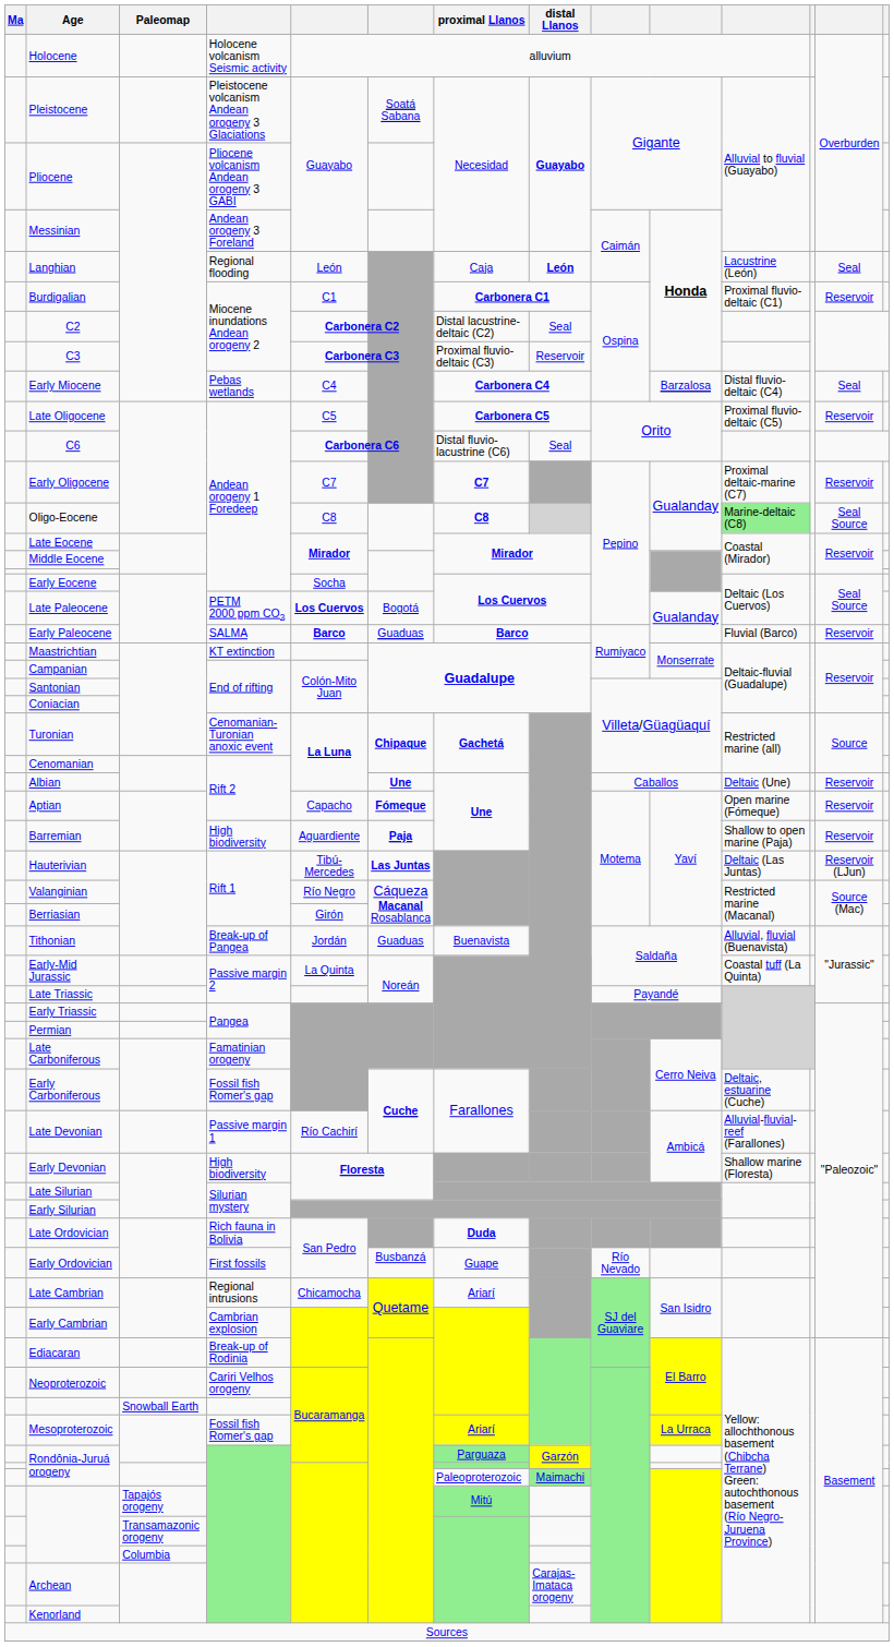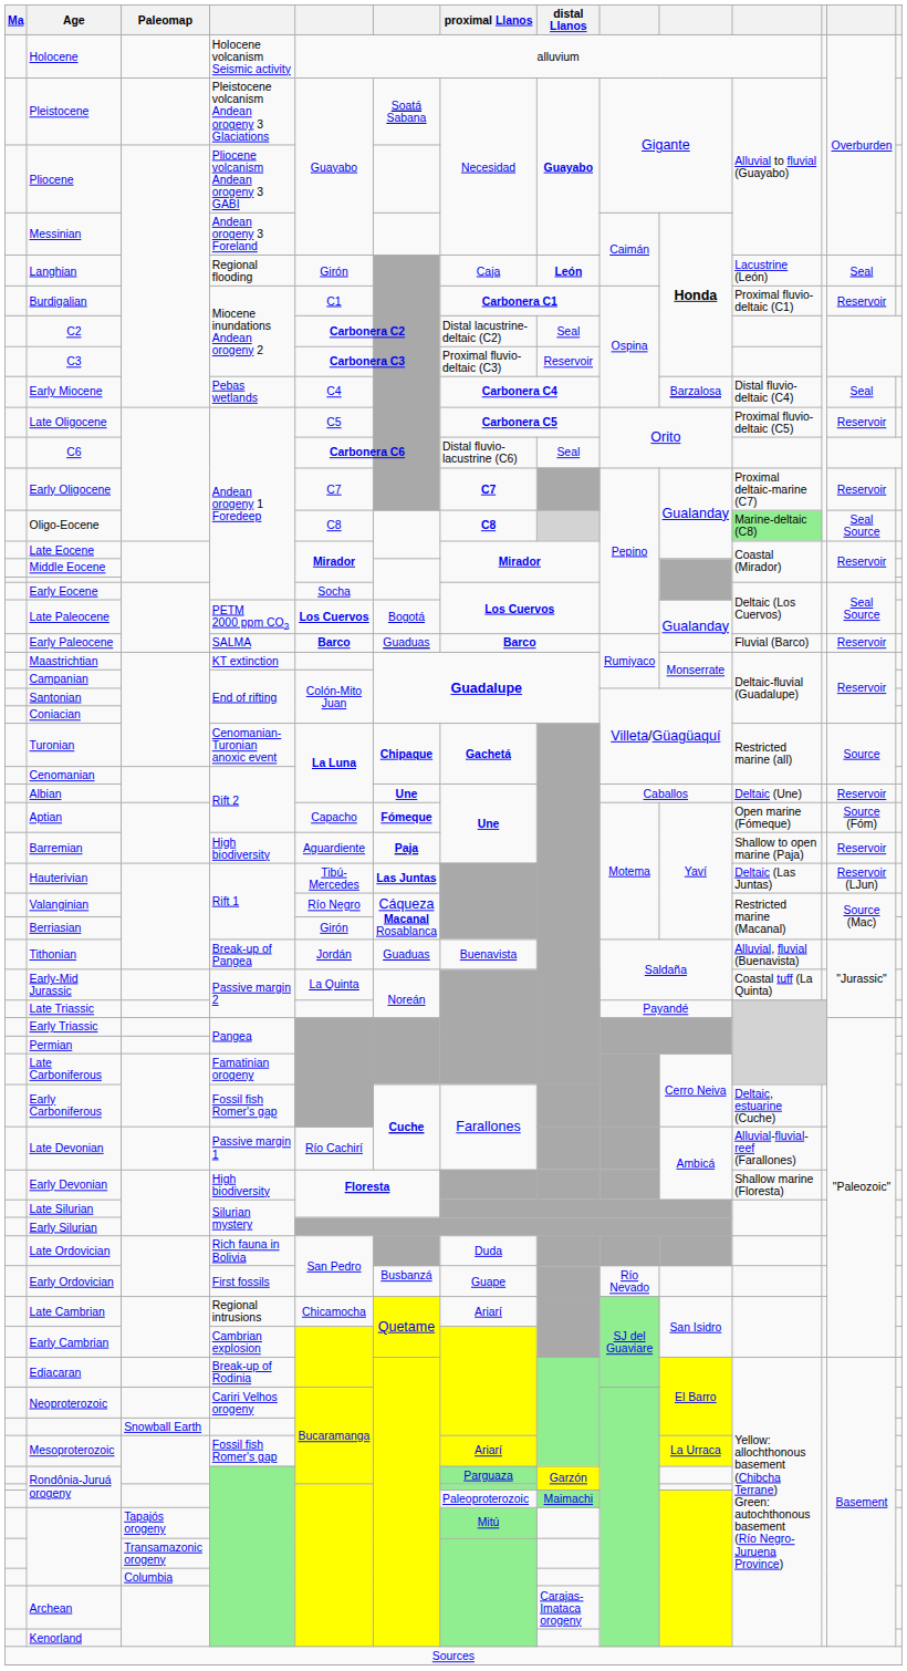 <table class="wikitable mw-collapsible width=100%" style="font-size: 70%">
 <tr>
 <th><a href='#'>Ma</a></th>
 <th>Age</th>
 <th>Paleomap</th>
 <th></th>
 <th></th>
 <th></th>
 <th>proximal <a href='#'>Llanos</a></th>
 <th>distal <a href='#'>Llanos</a></th>
 <th></th>
 <th></th>
 <th></th>
 <th></th>
 <th></th>
 <th class=unsortable></th>
 </tr>
 <tr>
 <td align=center valign=bottom><strong></strong></td>
 <td style="background-color: "><a href='#'>Holocene</a></td>
 <td align=center></td>
 <td>Holocene volcanism<br><a href='#'>Seismic activity</a></td>
 <td colspan=7 align=center>alluvium</td>
 <td></td>
 <td rowspan=4 align=center><a href='#'>Overburden</a></td>
 <td align=center></td>
 </tr>
 <tr>
 <td align=center valign=top><strong></strong></td>
 <td style="background-color: "><a href='#'>Pleistocene</a></td>
 <td align=center></td>
 <td>Pleistocene volcanism<br><a href='#'>Andean orogeny</a> 3<br><a href='#'>Glaciations</a></td>
 <td rowspan=3 align=center><a href='#'>Guayabo</a></td>
 <td align=center><u><a href='#'>Soatá</a></u><br><u><a href='#'>Sabana</a></u></td>
 <td rowspan=3 align=center><a href='#'>Necesidad</a></td>
 <td rowspan=3 align=center><strong><a href='#'>Guayabo</a></strong></td>
 <td rowspan=2 colspan=2 align=center><big><a href='#'>Gigante</a></big><br></td>
 <td rowspan=3><a href='#'>Alluvial</a> to <a href='#'>fluvial</a> (Guayabo)</td>
 <td rowspan=3></td>
 <td align=center></td>
 </tr>
 <tr>
 <td align=center valign=top><strong></strong></td>
 <td style="background-color: "><a href='#'>Pliocene</a></td>
 <td align=center valign=bottom rowspan=7></td>
 <td><a href='#'>Pliocene volcanism</a><br><a href='#'>Andean orogeny</a> 3<br><a href='#'>GABI</a></td>
 <td align=center></td>
 <td align=center></td>
 </tr>
 <tr>
 <td align=center valign=top><strong></strong></td>
 <td style="background-color: "><a href='#'>Messinian</a></td>
 <td><a href='#'>Andean orogeny</a> 3<br><a href='#'>Foreland</a></td>
 <td align=center></td>
 <td align=center rowspan=2><a href='#'>Caimán</a></td>
 <td rowspan=5 align=center><big><u><strong>Honda</strong></u></big></td>
 <td align=center></td>
 </tr>
 <tr>
 <td align=center valign=top><strong></strong></td>
 <td style="background-color: "><a href='#'>Langhian</a></td>
 <td>Regional flooding</td>
-<td align=center><a href='#'>León</a></td>
+<td align=center><a href='#'>Girón</a></td>
 <td align=center rowspan=8 bgcolor=darkgrey><strong></strong></td>
 <td align=center><a href='#'>Caja</a></td>
 <td align=center><strong><a href='#'>León</a></strong></td>
 <td><a href='#'>Lacustrine</a> (León)</td>
 <td></td>
 <td align=center><a href='#'>Seal</a></td>
 <td align=center></td>
 </tr>
 <tr>
 <td align=center valign=top><strong></strong></td>
 <td style="background-color: "><a href='#'>Burdigalian</a></td>
 <td rowspan=3>Miocene inundations<br><a href='#'>Andean orogeny</a> 2</td>
 <td align=center><a href='#'>C1</a></td>
 <td colspan=2 align=center><strong><a href='#'>Carbonera C1</a></strong></td>
 <td align=center rowspan=4><a href='#'>Ospina</a></td>
 <td>Proximal fluvio-deltaic (C1)</td>
 <td rowspan=8></td>
 <td align=center><a href='#'>Reservoir</a></td>
 <td align=center></td>
 </tr>
 <tr>
 <td align=center valign=top><strong></strong></td>
 <td align=center><a href='#'>C2</a></td>
 <td colspan=2 align=center><strong><a href='#'>Carbonera C2</a></strong></td>
 <td>Distal lacustrine-deltaic (C2)</td>
 <td align=center><a href='#'>Seal</a></td>
 <td align=center></td>
 </tr>
 <tr>
 <td align=center valign=top><strong></strong></td>
 <td align=center><a href='#'>C3</a></td>
 <td colspan=2 align=center><strong><a href='#'>Carbonera C3</a></strong></td>
 <td>Proximal fluvio-deltaic (C3)</td>
 <td align=center><a href='#'>Reservoir</a></td>
 <td align=center></td>
 </tr>
 <tr>
 <td align=center valign=top><strong></strong></td>
 <td style="background-color: "><a href='#'>Early Miocene</a></td>
 <td><a href='#'>Pebas wetlands</a></td>
 <td align=center><a href='#'>C4</a></td>
 <td colspan=2 align=center><strong><a href='#'>Carbonera C4</a></strong></td>
 <td align=center><u><a href='#'>Barzalosa</a></u></td>
 <td>Distal fluvio-deltaic (C4)</td>
 <td align=center><a href='#'>Seal</a></td>
 <td align=center></td>
 </tr>
 <tr>
 <td align=center valign=top><strong></strong></td>
 <td style="background-color: "><a href='#'>Late Oligocene</a></td>
 <td align=center valign=bottom rowspan=4></td>
 <td rowspan=8><a href='#'>Andean orogeny</a> 1<br><a href='#'>Foredeep</a></td>
 <td align=center><a href='#'>C5</a></td>
 <td colspan=2 align=center><strong><a href='#'>Carbonera C5</a></strong></td>
 <td colspan=2 rowspan=2 align=center><big><a href='#'>Orito</a></big></td>
 <td>Proximal fluvio-deltaic (C5)</td>
 <td align=center><a href='#'>Reservoir</a></td>
 <td align=center></td>
 </tr>
 <tr>
 <td align=center valign=top><strong></strong></td>
 <td align=center><a href='#'>C6</a></td>
 <td colspan=2 align=center><strong><a href='#'>Carbonera C6</a></strong></td>
 <td>Distal fluvio-lacustrine (C6)</td>
 <td align=center><a href='#'>Seal</a></td>
 <td align=center></td>
 </tr>
 <tr>
 <td align=center valign=top><strong></strong></td>
 <td style="background-color: "><a href='#'>Early Oligocene</a></td>
 <td align=center><a href='#'>C7</a></td>
 <td align=center><strong><a href='#'>C7</a></strong></td>
 <td bgcolor=darkgrey align=center></td>
 <td align=center rowspan=7><a href='#'>Pepino</a></td>
 <td rowspan=3 align=center><big><a href='#'>Gualanday</a></big></td>
 <td>Proximal deltaic-marine (C7)</td>
 <td align=center><a href='#'>Reservoir</a></td>
 <td align=center></td>
 </tr>
 <tr>
 <td align=center valign=top><strong></strong></td>
 <td style="background-color: ">Oligo-Eocene</td>
 <td align=center><a href='#'>C8</a></td>
 <td align=center rowspan=2></td>
 <td align=center><strong><a href='#'>C8</a></strong></td>
 <td bgcolor=lightgrey align=center></td>
 <td style="background: lightgreen;">Marine-deltaic (C8)</td>
 <td align=center><a href='#'>Seal</a><br><a href='#'>Source</a></td>
 <td align=center></td>
 </tr>
 <tr>
 <td align=center valign=top><strong></strong></td>
 <td style="background-color: "><a href='#'>Late Eocene</a></td>
 <td align=center valign=bottom rowspan=3></td>
 <td align=center rowspan=3><strong><a href='#'>Mirador</a></strong></td>
 <td colspan=2 rowspan=3 align=center><strong><a href='#'>Mirador</a></strong></td>
 <td rowspan=3>Coastal (Mirador)</td>
 <td rowspan=3></td>
 <td rowspan=3 align=center><a href='#'>Reservoir</a></td>
 <td align=center></td>
 </tr>
 <tr>
 <td align=center valign=top><strong></strong></td>
 <td style="background-color: "><a href='#'>Middle Eocene</a></td>
 <td align=center rowspan=3></td>
 <td rowspan=3 bgcolor=darkgrey align=center><strong></strong></td>
 <td align=center></td>
 </tr>
 <tr>
 <td align=center valign=top><strong></strong></td>
 <td align=center></td>
 </tr>
 <tr>
 <td align=center valign=top><strong></strong></td>
 <td style="background-color: "><a href='#'>Early Eocene</a></td>
 <td align=center valign=bottom rowspan=3></td>
 <td align=center><a href='#'>Socha</a></td>
 <td colspan=2 rowspan=2 align=center><strong><a href='#'>Los Cuervos</a></strong></td>
 <td rowspan=2>Deltaic (Los Cuervos)</td>
 <td rowspan=2></td>
 <td rowspan=2 align=center><a href='#'>Seal</a><br><a href='#'>Source</a></td>
 <td align=center></td>
 </tr>
 <tr>
 <td align=center valign=top><strong></strong></td>
 <td style="background-color: "><a href='#'>Late Paleocene</a></td>
 <td><a href='#'>PETM</a><br><a href='#'>2000 ppm CO<sub>2</sub></a></td>
 <td align=center><u><strong><a href='#'>Los Cuervos</a></strong></u></td>
 <td align=center><u><a href='#'>Bogotá</a></u></td>
 <td rowspan=2 align=center><big><a href='#'>Gualanday</a></big></td>
 <td align=center></td>
 </tr>
 <tr>
 <td align=center valign=top><strong></strong></td>
 <td style="background-color: "><a href='#'>Early Paleocene</a></td>
 <td><a href='#'>SALMA</a></td>
 <td align=center><strong><a href='#'>Barco</a></strong></td>
 <td align=center><u><a href='#'>Guaduas</a></u></td>
 <td colspan=2 align=center><strong><a href='#'>Barco</a></strong></td>
 <td align=center rowspan=3><a href='#'>Rumiyaco</a></td>
 <td>Fluvial (Barco)</td>
 <td></td>
 <td align=center><a href='#'>Reservoir</a></td>
 <td align=center></td>
 </tr>
 <tr>
 <td align=center valign=top><strong></strong></td>
 <td style="background-color: "><a href='#'>Maastrichtian</a></td>
 <td align=center valign=bottom rowspan=5></td>
 <td><a href='#'>KT extinction</a></td>
 <td align=center></td>
 <td colspan=3 rowspan=4 align=center><big><strong><a href='#'>Guadalupe</a></strong></big></td>
 <td rowspan=2 align=center><a href='#'>Monserrate</a></td>
 <td rowspan=4>Deltaic-fluvial (Guadalupe)</td>
 <td rowspan=4></td>
 <td rowspan=4 align=center><a href='#'>Reservoir</a></td>
 <td align=center></td>
 </tr>
 <tr>
 <td align=center valign=top><strong></strong></td>
 <td style="background-color: "><a href='#'>Campanian</a></td>
 <td rowspan=3><a href='#'>End of rifting</a></td>
 <td rowspan=3 align=center><a href='#'>Colón-Mito Juan</a></td>
 <td align=center></td>
 </tr>
 <tr>
 <td align=center valign=top><strong></strong></td>
 <td style="background-color: "><a href='#'>Santonian</a></td>
 <td colspan=2 rowspan=4 align=center><big><a href='#'>Villeta</a>/<a href='#'>Güagüaquí</a></big></td>
 <td align=center></td>
 </tr>
 <tr>
 <td align=center valign=top><strong></strong></td>
 <td style="background-color: "><a href='#'>Coniacian</a></td>
 <td align=center></td>
 </tr>
 <tr>
 <td align=center valign=top><strong></strong></td>
 <td style="background-color: "><a href='#'>Turonian</a></td>
 <td><a href='#'>Cenomanian-Turonian anoxic event</a></td>
 <td rowspan=3 align=center><strong><u><a href='#'>La Luna</a></u></strong></td>
 <td rowspan=2 align=center><strong><a href='#'>Chipaque</a></strong></td>
 <td rowspan=2 align=center><strong><a href='#'>Gachetá</a></strong></td>
 <td rowspan=14 bgcolor=darkgrey align=center><strong></strong></td>
 <td rowspan=2>Restricted marine (all)</td>
 <td rowspan=2></td>
 <td rowspan=2 align=center><a href='#'>Source</a></td>
 <td align=center></td>
 </tr>
 <tr>
 <td align=center valign=top><strong></strong></td>
 <td style="background-color: "><a href='#'>Cenomanian</a></td>
 <td align=center valign=bottom rowspan=2></td>
 <td rowspan=3><a href='#'>Rift 2</a></td>
 <td align=center></td>
 </tr>
 <tr>
 <td align=center valign=top><strong></strong></td>
 <td style="background-color: "><a href='#'>Albian</a></td>
 <td align=center><strong><a href='#'>Une</a></strong></td>
 <td rowspan=3 align=center><strong><a href='#'>Une</a></strong></td>
 <td colspan=2 align=center><a href='#'>Caballos</a></td>
 <td><a href='#'>Deltaic</a> (Une)</td>
 <td></td>
 <td align=center><a href='#'>Reservoir</a></td>
 <td align=center></td>
 </tr>
 <tr>
 <td align=center valign=top><strong></strong></td>
 <td style="background-color: "><a href='#'>Aptian</a></td>
 <td align=center valign=bottom rowspan=2></td>
 <td align=center><a href='#'>Capacho</a></td>
 <td align=center><strong><a href='#'>Fómeque</a></strong></td>
 <td align=center rowspan=5><a href='#'>Motema</a></td>
 <td rowspan=5 align=center><a href='#'>Yaví</a></td>
 <td>Open marine (Fómeque)</td>
 <td align=center></td>
-<td align=center><a href='#'>Reservoir</a></td>
+<td align=center><a href='#'>Source</a> (Fóm)</td>
 <td align=center></td>
 </tr>
 <tr>
 <td align=center valign=top><strong></strong></td>
 <td style="background-color: "><a href='#'>Barremian</a></td>
 <td><a href='#'>High biodiversity</a></td>
 <td align=center><a href='#'>Aguardiente</a></td>
 <td align=center><u><strong><a href='#'>Paja</a></strong></u></td>
 <td>Shallow to open marine (Paja)</td>
 <td align=center></td>
 <td align=center><a href='#'>Reservoir</a></td>
 <td align=center></td>
 </tr>
 <tr>
 <td align=center valign=top><strong></strong></td>
 <td style="background-color: "><a href='#'>Hauterivian</a></td>
 <td align=center valign=bottom rowspan=4></td>
 <td rowspan=3><a href='#'>Rift 1</a></td>
 <td align=center><a href='#'>Tibú-<br>Mercedes</a></td>
 <td align=center><strong><a href='#'>Las Juntas</a></strong></td>
 <td rowspan=3 bgcolor=darkgrey align=center><strong></strong></td>
 <td><a href='#'>Deltaic</a> (Las Juntas)</td>
 <td align=center></td>
 <td align=center><a href='#'>Reservoir</a> (LJun)</td>
 <td align=center></td>
 </tr>
 <tr>
 <td align=center valign=top><strong></strong></td>
 <td style="background-color: "><a href='#'>Valanginian</a></td>
 <td align=center><a href='#'>Río Negro</a></td>
 <td rowspan=2 align=center><big><a href='#'>Cáqueza</a></big><br><strong><a href='#'>Macanal</a></strong><br><a href='#'>Rosablanca</a></td>
 <td rowspan=2>Restricted marine (Macanal)</td>
 <td align=center rowspan=2></td>
 <td rowspan=2 align=center><a href='#'>Source</a> (Mac)</td>
 <td align=center></td>
 </tr>
 <tr>
 <td align=center valign=top><strong></strong></td>
 <td style="background-color: "><a href='#'>Berriasian</a></td>
 <td align=center><a href='#'>Girón</a></td>
 <td align=center></td>
 </tr>
 <tr>
 <td align=center valign=top><strong></strong></td>
 <td style="background-color: "><a href='#'>Tithonian</a></td>
 <td><a href='#'>Break-up of Pangea</a></td>
 <td align=center><a href='#'>Jordán</a></td>
 <td align=center><u><a href='#'>Guaduas</a></u></td>
 <td align=center><a href='#'>Buenavista</a><br></td>
 <td colspan=2 rowspan=2 align=center><a href='#'>Saldaña</a></td>
 <td><a href='#'>Alluvial</a>, <a href='#'>fluvial</a> (Buenavista)</td>
 <td align=center></td>
 <td rowspan=3 align=center>"Jurassic"</td>
 <td align=center></td>
 </tr>
 <tr>
 <td align=center valign=top><strong></strong></td>
 <td style="background-color: "><a href='#'>Early-Mid Jurassic</a></td>
 <td align=center></td>
 <td rowspan=2><a href='#'>Passive margin 2</a></td>
 <td align=center><u><a href='#'>La Quinta</a></u></td>
 <td align=center rowspan=2><br><a href='#'>Noreán</a></td>
 <td rowspan=5 colspan=2 bgcolor=darkgrey align=center><strong></strong></td>
 <td>Coastal <a href='#'>tuff</a> (La Quinta)</td>
 <td align=center></td>
 <td align=center></td>
 </tr>
 <tr>
 <td align=center valign=top><strong></strong></td>
 <td style="background-color: "><a href='#'>Late Triassic</a></td>
 <td align=center></td>
 <td align=center></td>
 <td align=center colspan=2><a href='#'>Payandé</a></td>
 <td rowspan=4 colspan=2 bgcolor=lightgrey></td>
 <td align=center></td>
 </tr>
 <tr>
 <td align=center valign=top><strong></strong></td>
 <td style="background-color: "><a href='#'>Early Triassic</a></td>
 <td align=center></td>
 <td rowspan=2><a href='#'>Pangea</a></td>
 <td rowspan=4 bgcolor=darkgrey align=center></td>
 <td rowspan=3 bgcolor=darkgrey align=center><strong></strong></td>
 <td colspan=2 rowspan=2 bgcolor=darkgrey align=center></td>
 <td align=center rowspan=12>"Paleozoic"</td>
 <td align=center></td>
 </tr>
 <tr>
 <td align=center valign=top><strong></strong></td>
 <td style="background-color: "><a href='#'>Permian</a></td>
 <td align=center></td>
 <td align=center></td>
 </tr>
 <tr>
 <td align=center valign=top><strong></strong></td>
 <td style="background-color: "><a href='#'>Late Carboniferous</a></td>
 <td align=center rowspan=2></td>
 <td><a href='#'>Famatinian orogeny</a></td>
 <td rowspan=2 bgcolor=darkgrey align=center></td>
 <td align=center rowspan=2><a href='#'>Cerro Neiva</a><br></td>
 <td align=center></td>
 </tr>
 <tr>
 <td align=center valign=top><strong></strong></td>
 <td style="background-color: "><a href='#'>Early Carboniferous</a></td>
 <td><a href='#'>Fossil fish</a><br><a href='#'>Romer's gap</a></td>
 <td align=center rowspan=2><strong><u><a href='#'>Cuche</a></u></strong><br></td>
 <td align=center rowspan=2><big><a href='#'>Farallones</a></big><br></td>
 <td align=center bgcolor=darkgrey></td>
 <td><a href='#'>Deltaic</a>, <a href='#'>estuarine</a> (Cuche)</td>
 <td align=center></td>
 <td align=center></td>
 </tr>
 <tr>
 <td align=center valign=top><strong></strong></td>
 <td style="background-color: "><a href='#'>Late Devonian</a></td>
 <td align=center></td>
 <td><a href='#'>Passive margin 1</a></td>
 <td align=center><a href='#'>Río Cachirí</a><br></td>
 <td align=center bgcolor=darkgrey></td>
 <td align=center bgcolor=darkgrey></td>
 <td align=center rowspan=2><a href='#'>Ambicá</a><br></td>
 <td><a href='#'>Alluvial</a>-<a href='#'>fluvial</a>-<a href='#'>reef</a> (Farallones)</td>
 <td align=center></td>
 <td align=center></td>
 </tr>
 <tr>
 <td align=center valign=top><strong></strong></td>
 <td style="background-color: "><a href='#'>Early Devonian</a></td>
 <td align=center rowspan=3></td>
 <td><a href='#'>High biodiversity</a></td>
 <td colspan=2 rowspan=2 align=center><strong><u><a href='#'>Floresta</a></u></strong><br><br></td>
 <td bgcolor=darkgrey align=center></td>
 <td bgcolor=darkgrey align=center></td>
 <td bgcolor=darkgrey align=center></td>
 <td>Shallow marine (Floresta)</td>
 <td align=center></td>
 <td align=center></td>
 </tr>
 <tr>
 <td align=center valign=top><strong></strong></td>
 <td style="background-color: "><a href='#'>Late Silurian</a></td>
 <td rowspan=2><a href='#'>Silurian mystery</a></td>
 <td colspan=4 bgcolor=darkgrey align=center></td>
 <td rowspan=2></td>
 <td rowspan=2></td>
 <td align=center></td>
 </tr>
 <tr>
 <td align=center valign=top><strong></strong></td>
 <td style="background-color: "><a href='#'>Early Silurian</a></td>
 <td colspan=6 bgcolor=darkgrey align=center><strong></strong></td>
 <td align=center></td>
 </tr>
 <tr>
 <td align=center valign=top><strong></strong></td>
 <td style="background-color: "><a href='#'>Late Ordovician</a></td>
 <td align=center rowspan=2></td>
 <td><a href='#'>Rich fauna in Bolivia</a></td>
 <td align=center rowspan=2><a href='#'>San Pedro</a><br></td>
 <td align=center bgcolor=darkgrey></td>
-<td align=center><strong><a href='#'>Duda</a><br></strong></td>
+<td align=center><a href='#'>Duda</a><br></td>
 <td align=center bgcolor=darkgrey></td>
 <td align=center bgcolor=darkgrey></td>
 <td align=center bgcolor=darkgrey></td>
 <td></td>
 <td></td>
 <td align=center></td>
 </tr>
 <tr>
 <td align=center valign=top><strong></strong></td>
 <td style="background-color: "><a href='#'>Early Ordovician</a></td>
 <td><a href='#'>First fossils</a></td>
 <td align=center><a href='#'>Busbanzá</a><br><br></td>
 <td align=center><a href='#'>Guape</a><br></td>
 <td align=center bgcolor=darkgrey></td>
 <td align=center><a href='#'>Río Nevado</a><br></td>
 <td align=center></td>
 <td></td>
 <td></td>
 <td align=center></td>
 </tr>
 <tr>
 <td align=center valign=top><strong></strong></td>
 <td style="background-color: "><a href='#'>Late Cambrian</a></td>
 <td align=center rowspan=2></td>
 <td>Regional intrusions</td>
 <td align=center><a href='#'>Chicamocha</a><br></td>
 <td align=center bgcolor=yellow rowspan=2><big><a href='#'>Quetame</a></big><br></td>
 <td align=center><a href='#'>Ariarí</a><br></td>
 <td align=center rowspan=2 bgcolor=darkgrey></td>
 <td align=center rowspan=3 bgcolor=lightgreen><a href='#'>SJ del Guaviare</a><br></td>
 <td align=center rowspan=2><a href='#'>San Isidro</a><br></td>
 <td rowspan=2></td>
 <td rowspan=2 align=center></td>
 <td align=center></td>
 </tr>
 <tr>
 <td align=center valign=top><strong></strong></td>
 <td style="background-color: "><a href='#'>Early Cambrian</a></td>
 <td><a href='#'>Cambrian explosion</a></td>
 <td rowspan=2 bgcolor=yellow align=center></td>
 <td align=center rowspan=4 bgcolor=yellow></td>
 <td align=center></td>
 </tr>
 <tr>
 <td align=center valign=top><strong></strong></td>
 <td style="background-color: "><a href='#'>Ediacaran</a></td>
 <td align=center></td>
 <td><a href='#'>Break-up of Rodinia</a></td>
 <td align=center bgcolor=yellow rowspan=12></td>
 <td bgcolor=lightgreen align=center rowspan=4></td>
 <td bgcolor=yellow align=center rowspan=3><a href='#'>El Barro</a><br></td>
 <td rowspan=12>Yellow: allochthonous basement<br>(<a href='#'>Chibcha Terrane</a>)<br>Green: autochthonous basement<br>(<a href='#'>Río Negro-Juruena Province</a>)</td>
 <td rowspan=12></td>
 <td align=center rowspan=12><a href='#'>Basement</a></td>
 <td align=center></td>
 </tr>
 <tr>
 <td align=center valign=top><strong></strong></td>
 <td style="background-color: "><a href='#'>Neoproterozoic</a></td>
 <td align=center></td>
 <td><a href='#'>Cariri Velhos orogeny</a></td>
 <td rowspan=4 bgcolor=yellow align=center><a href='#'>Bucaramanga</a><br></td>
 <td bgcolor=lightgreen align=center rowspan=11></td>
 <td align=center></td>
 </tr>
 <tr>
 <td align=center valign=top><strong></strong></td>
 <td align=center></td>
 <td><a href='#'>Snowball Earth</a></td>
 <td align=center></td>
 </tr>
 <tr>
 <td align=center valign=top><strong></strong></td>
 <td style="background-color: "><a href='#'>Mesoproterozoic</a></td>
 <td align=center rowspan=2></td>
 <td><a href='#'>Fossil fish</a><br><a href='#'>Romer's gap</a></td>
 <td bgcolor=yellow align=center><a href='#'>Ariarí</a><br></td>
 <td bgcolor=yellow align=center><a href='#'>La Urraca</a><br></td>
 <td align=center></td>
 </tr>
 <tr>
 <td align=center valign=top><strong></strong></td>
 <td rowspan=3><a href='#'>Rondônia-Juruá orogeny</a></td>
 <td bgcolor=lightgreen align=center rowspan=8></td>
 <td bgcolor=lightgreen align=center><a href='#'>Parguaza</a><br></td>
 <td bgcolor=yellow align=center rowspan=2><a href='#'>Garzón</a><br></td>
 <td align=center></td>
 </tr>
 <tr>
 <td align=center valign=top><strong></strong></td>
 <td align=center rowspan=2></td>
 <td align=center bgcolor=yellow rowspan=7></td>
 <td bgcolor=lightgreen align=center></td>
 <td align=center></td>
 </tr>
 <tr>
 <td align=center valign=top><strong></strong></td>
 <td style="background-color: "><a href='#'>Paleoproterozoic</a></td>
 <td align=center bgcolor=lightgreen><a href='#'>Maimachi</a><br></td>
 <td align=center bgcolor=yellow rowspan=6></td>
 <td align=center></td>
 </tr>
 <tr>
 <td align=center valign=top><strong></strong></td>
 <td align=center rowspan=3></td>
 <td><a href='#'>Tapajós orogeny</a></td>
 <td bgcolor=lightgreen align=center><a href='#'>Mitú</a><br></td>
 <td align=center></td>
 </tr>
 <tr>
 <td align=center valign=top><strong></strong></td>
 <td><a href='#'>Transamazonic orogeny</a></td>
 <td rowspan=4 bgcolor=lightgreen align=center></td>
 <td align=center></td>
 </tr>
 <tr>
 <td align=center valign=top><strong></strong></td>
 <td><a href='#'>Columbia</a></td>
 <td align=center></td>
 </tr>
 <tr>
 <td align=center valign=top><strong></strong></td>
 <td style="background-color: "><a href='#'>Archean</a></td>
 <td align=center rowspan=2></td>
 <td><a href='#'>Carajas-Imataca orogeny</a></td>
 <td align=center></td>
 </tr>
 <tr>
 <td align=center valign=top><strong></strong></td>
 <td><a href='#'>Kenorland</a></td>
 <td align=center></td>
 </tr>
 <tr>
 <td colspan=14 align=center><a href='#'>Sources</a></td>
 </tr>
 <tr>
 </tr>
 </table>
